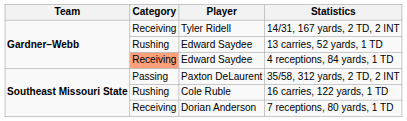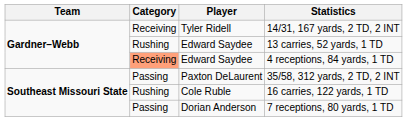 <table class="wikitable" style="float: right;">
 <tr>
 <th>Team</th>
 <th>Category</th>
 <th>Player</th>
 <th>Statistics</th>
 </tr>
 <tr>
 <td rowspan=3><strong>Gardner–Webb</strong></td>
 <td>Receiving</td>
 <td>Tyler Ridell</td>
 <td>14/31, 167 yards, 2 TD, 2 INT</td>
 </tr>
 <tr>
 <td>Rushing</td>
 <td>Edward Saydee</td>
 <td>13 carries, 52 yards, 1 TD</td>
 </tr>
 <tr>
 <td style="background: lightsalmon;">Receiving</td>
 <td>Edward Saydee</td>
 <td>4 receptions, 84 yards, 1 TD</td>
 </tr>
 <tr>
 <td rowspan=3><strong>Southeast Missouri State</strong></td>
 <td>Passing</td>
 <td>Paxton DeLaurent</td>
 <td>35/58, 312 yards, 2 TD, 2 INT</td>
 </tr>
 <tr>
 <td>Rushing</td>
 <td>Cole Ruble</td>
 <td>16 carries, 122 yards, 1 TD</td>
 </tr>
 <tr>
-<td>Receiving</td>
+<td>Passing</td>
 <td>Dorian Anderson</td>
 <td>7 receptions, 80 yards, 1 TD</td>
 </tr>
 </table>
